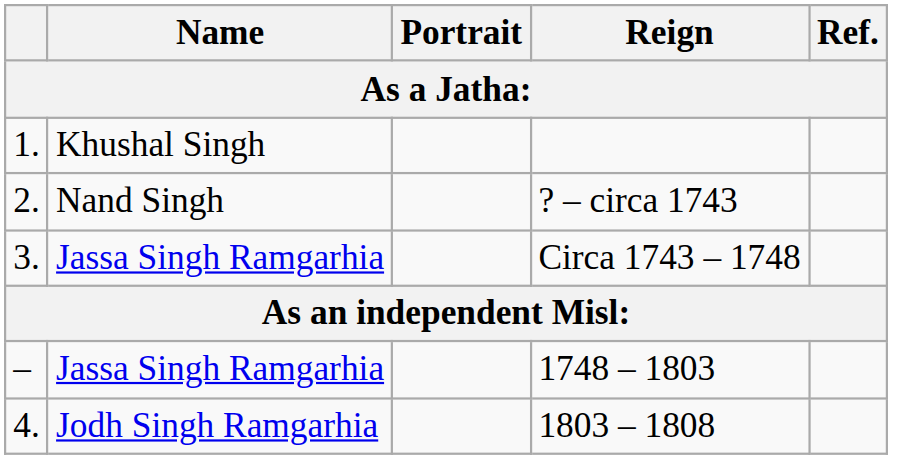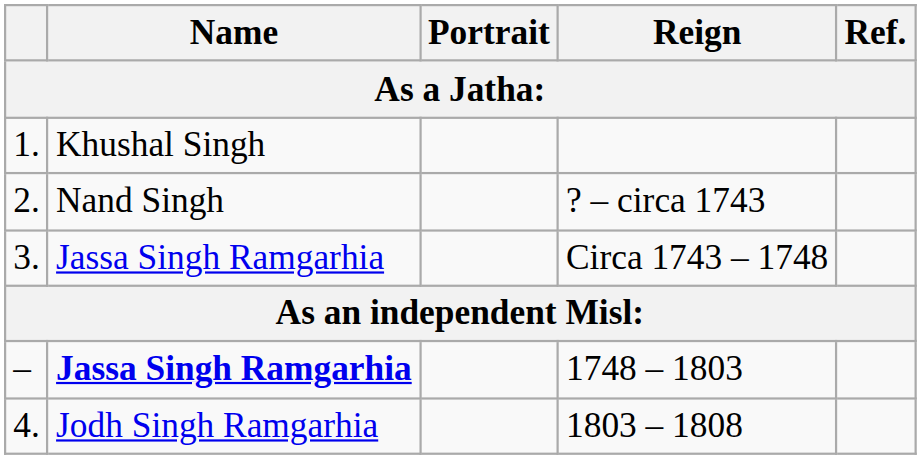 <table class="wikitable">
 <tr>
 <th></th>
 <th>Name<br></th>
 <th>Portrait</th>
 <th class="unsortable">Reign</th>
 <th>Ref.</th>
 </tr>
 <tr>
 <th colspan="5">As a Jatha:</th>
 </tr>
 <tr>
 <td>1.</td>
 <td>Khushal Singh</td>
 <td></td>
 <td></td>
 <td></td>
 </tr>
 <tr>
 <td>2.</td>
 <td>Nand Singh</td>
 <td></td>
 <td>? – circa 1743</td>
 <td></td>
 </tr>
 <tr>
 <td>3.</td>
 <td><a href='#'>Jassa Singh Ramgarhia</a><br></td>
 <td></td>
 <td>Circa 1743 – 1748</td>
 <td></td>
 </tr>
 <tr>
 <th colspan="5">As an independent Misl:</th>
 </tr>
 <tr>
 <td>–</td>
-<td><a href='#'>Jassa Singh Ramgarhia</a><br></td>
+<td><strong><a href='#'>Jassa Singh Ramgarhia</a><br></strong></td>
 <td></td>
 <td>1748 – 1803</td>
 <td></td>
 </tr>
 <tr>
 <td>4.</td>
 <td><a href='#'>Jodh Singh Ramgarhia</a><br></td>
 <td></td>
 <td>1803 – 1808</td>
 <td></td>
 </tr>
 </table>
